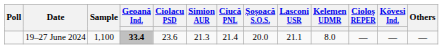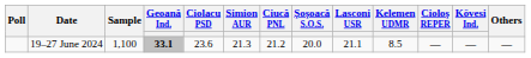 <table class="wikitable" style="text-align:center;font-size:85%;line-height:14px;">
 <tr>
 <th rowspan="2">Poll</th>
 <th rowspan="2">Date</th>
 <th rowspan="2" style="width:35px;">Sample</th>
 <th class="unsortable" style="width:20px;"><a href='#'>Geoană</a><br><small><a href='#'>Ind.</a></small></th>
 <th class="unsortable" style="width:20px;"><a href='#'>Ciolacu</a><br><small><a href='#'>PSD</a></small></th>
 <th class="unsortable" style="width:20px;"><a href='#'>Simion</a><br><small><a href='#'>AUR</a></small></th>
 <th class="unsortable" style="width:20px;"><a href='#'>Ciucă</a><br><small><a href='#'>PNL</a></small></th>
 <th class="unsortable" style="width:20px;"><a href='#'>Șoșoacă</a><br><small><a href='#'>S.O.S.</a></small></th>
 <th class="unsortable" style="width:20px;"><a href='#'>Lasconi</a><br><small><a href='#'>USR</a></small></th>
 <th class="unsortable" style="width:20px;"><a href='#'>Kelemen</a><br><small><a href='#'>UDMR</a></small></th>
 <th class="unsortable" style="width:20px;"><a href='#'>Cioloș</a><br><small><a href='#'>REPER</a></small></th>
 <th class="unsortable" style="width:20px;"><a href='#'>Kövesi</a><br><small><a href='#'>Ind.</a></small></th>
 <th rowspan="2"><strong>Others</strong></th>
 </tr>
 <tr>
 <th style="background:"></th>
 <th style="background:"></th>
 <th style="background:"></th>
 <th style="background:"></th>
 <th style="background:"></th>
 <th style="background:"></th>
 <th style="background:"></th>
 <th style="background:"></th>
 <th style="background:"></th>
 </tr>
 <tr>
 <td></td>
 <td>19–27 June 2024</td>
 <td>1,100</td>
-<td style="background:#C0C0C0"><strong>33.4</strong></td>
+<td style="background:#C0C0C0"><strong>33.1</strong></td>
 <td>23.6</td>
 <td>21.3</td>
-<td>21.4</td>
+<td>21.2</td>
 <td>20.0</td>
 <td>21.1</td>
-<td>8.0</td>
+<td>8.5</td>
 <td>—</td>
 <td>—</td>
 <td>—</td>
 </tr>
 </table>
